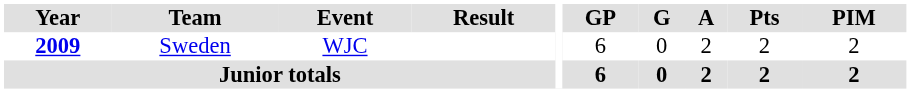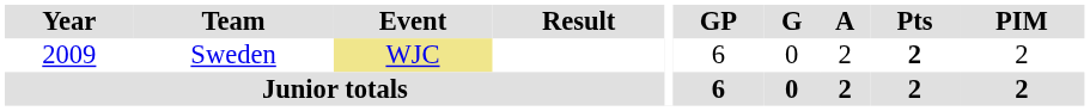 <table border="0" cellpadding="1" cellspacing="0" ID="Table3" style="text-align:center; width:40em">
 <tr ALIGN="center" bgcolor="#e0e0e0">
 <th>Year</th>
 <th>Team</th>
 <th>Event</th>
 <th>Result</th>
 <th rowspan="99" bgcolor="#ffffff"></th>
 <th>GP</th>
 <th>G</th>
 <th>A</th>
 <th>Pts</th>
 <th>PIM</th>
 </tr>
 <tr ALIGN="center">
-<td><strong><a href='#'>2009</a></strong></td>
+<td><a href='#'>2009</a></td>
 <td><a href='#'>Sweden</a></td>
-<td><a href='#'>WJC</a></td>
+<td style="background: khaki;"><a href='#'>WJC</a></td>
 <td></td>
 <td>6</td>
 <td>0</td>
 <td>2</td>
-<td>2</td>
+<td><strong>2</strong></td>
 <td>2</td>
 </tr>
 <tr bgcolor="#e0e0e0">
 <th colspan="4">Junior totals</th>
 <th>6</th>
 <th>0</th>
 <th>2</th>
 <th>2</th>
 <th>2</th>
 </tr>
 </table>
